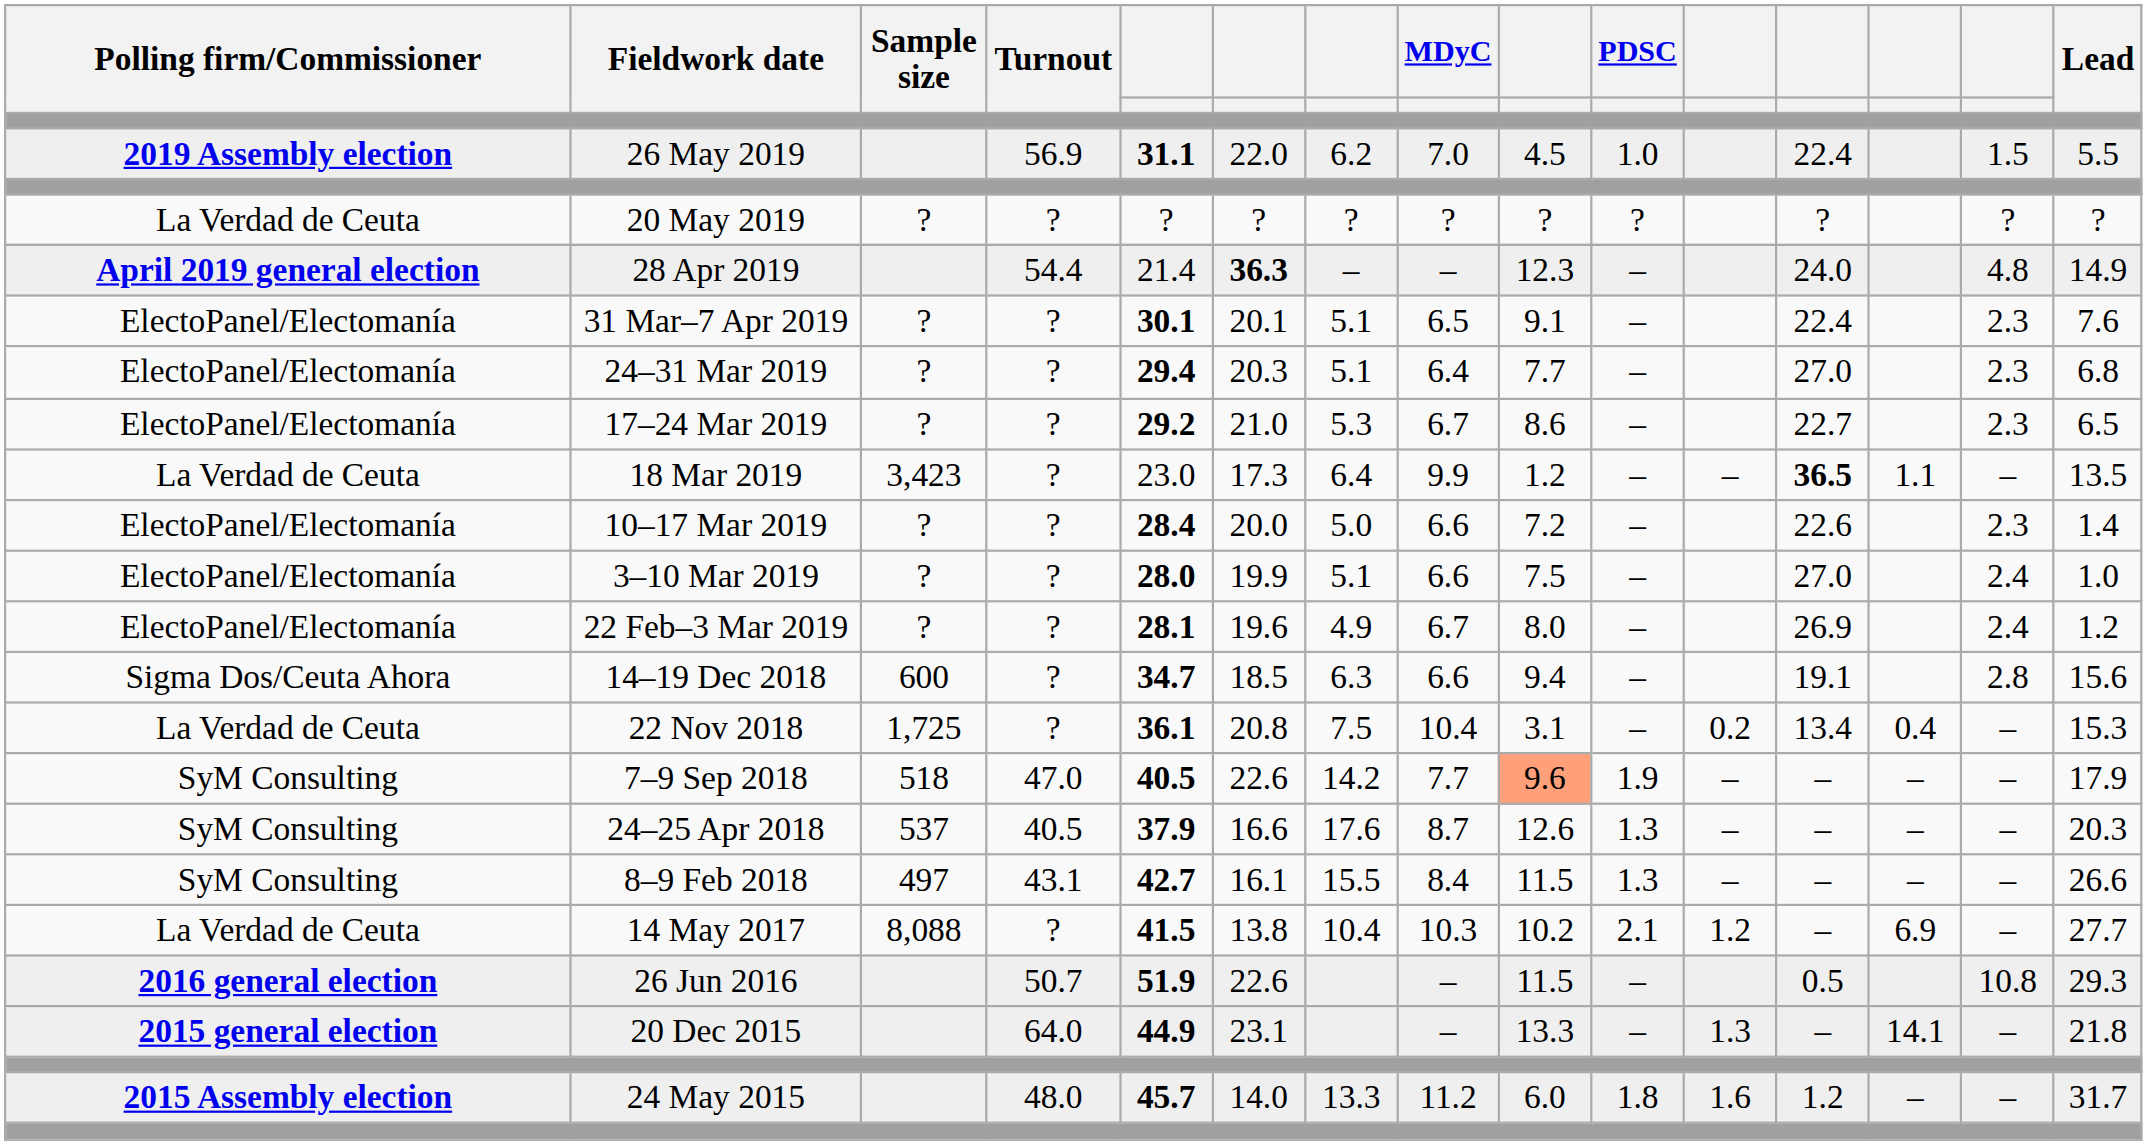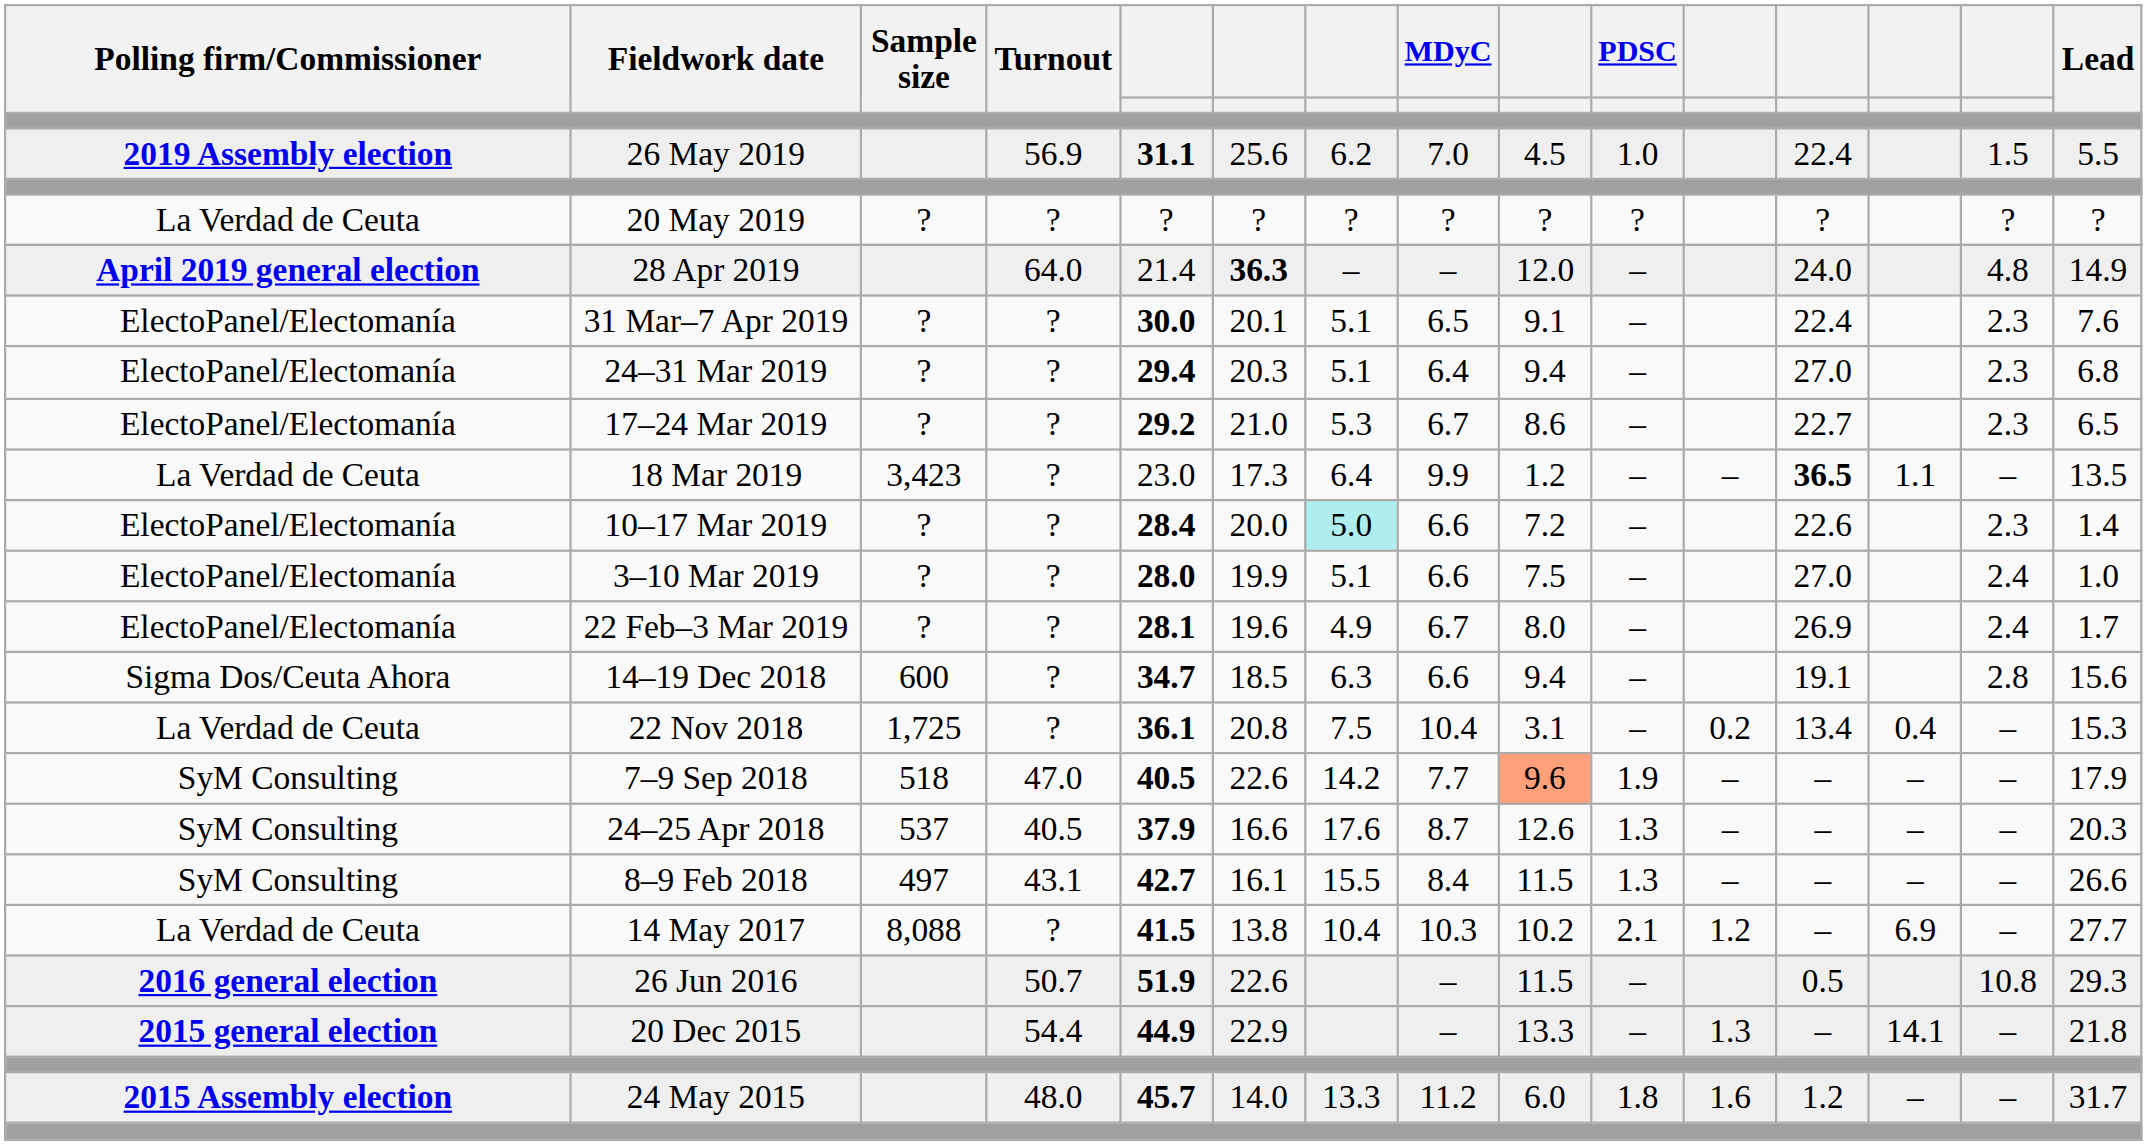 <table class="wikitable collapsible collapsed" style="text-align:center; font-size:95%; line-height:16px;">
 <tr style="height:42px;">
 <th style="width:250px;" rowspan="2">Polling firm/Commissioner</th>
 <th style="width:125px;" rowspan="2">Fieldwork date</th>
 <th style="width:50px;" rowspan="2">Sample size</th>
 <th style="width:45px;" rowspan="2">Turnout</th>
 <th style="width:35px;"></th>
 <th style="width:35px;"></th>
 <th style="width:35px;"></th>
 <th style="width:35px; font-size:90%;"><a href='#'>MDyC</a></th>
 <th style="width:35px;"></th>
 <th style="width:35px; font-size:90%;"><a href='#'>PDSC</a></th>
 <th style="width:35px;"></th>
 <th style="width:35px;"></th>
 <th style="width:35px;"></th>
 <th style="width:35px;"></th>
 <th style="width:30px;" rowspan="2">Lead</th>
 </tr>
 <tr>
 <th style="color:inherit;background:"></th>
 <th style="color:inherit;background:"></th>
 <th style="color:inherit;background:"></th>
 <th style="color:inherit;background:"></th>
 <th style="color:inherit;background:"></th>
 <th style="color:inherit;background:"></th>
 <th style="color:inherit;background:"></th>
 <th style="color:inherit;background:"></th>
 <th style="color:inherit;background:"></th>
 <th style="color:inherit;background:"></th>
 </tr>
 <tr>
 <td colspan="15" style="background:#A0A0A0"></td>
 </tr>
 <tr style="background:#EFEFEF;">
 <td><strong><a href='#'>2019 Assembly election</a></strong></td>
 <td>26 May 2019</td>
 <td></td>
 <td>56.9</td>
 <td><strong>31.1</strong><br></td>
-<td>22.0<br></td>
+<td>25.6<br></td>
 <td>6.2<br></td>
 <td>7.0<br></td>
 <td>4.5<br></td>
 <td>1.0<br></td>
 <td></td>
 <td>22.4<br></td>
 <td></td>
 <td>1.5<br></td>
 <td style="background:">5.5</td>
 </tr>
 <tr>
 <td colspan="15" style="background:#A0A0A0"></td>
 </tr>
 <tr>
 <td>La Verdad de Ceuta</td>
 <td>20 May 2019</td>
 <td>?</td>
 <td>?</td>
 <td>?<br></td>
 <td>?<br></td>
 <td>?<br></td>
 <td>?<br></td>
 <td>?<br></td>
 <td>?<br></td>
 <td></td>
 <td>?<br></td>
 <td></td>
 <td>?<br></td>
 <td style="background:">?</td>
 </tr>
 <tr>
 </tr>
 <tr style="background:#EFEFEF;">
 <td><strong><a href='#'>April 2019 general election</a></strong></td>
 <td>28 Apr 2019</td>
 <td></td>
-<td>54.4</td>
+<td>64.0</td>
 <td>21.4<br></td>
 <td><strong>36.3</strong><br></td>
 <td>–</td>
 <td>–</td>
-<td>12.3<br></td>
+<td>12.0<br></td>
 <td>–</td>
 <td></td>
 <td>24.0<br></td>
 <td></td>
 <td>4.8<br></td>
 <td style="background:">14.9</td>
 </tr>
 <tr>
 <td>ElectoPanel/Electomanía</td>
 <td>31 Mar–7 Apr 2019</td>
 <td>?</td>
 <td>?</td>
-<td><strong>30.1</strong><br></td>
+<td><strong>30.0</strong><br></td>
 <td>20.1<br></td>
 <td>5.1<br></td>
 <td>6.5<br></td>
 <td>9.1<br></td>
 <td>–</td>
 <td></td>
 <td>22.4<br></td>
 <td></td>
 <td>2.3<br></td>
 <td style="background:">7.6</td>
 </tr>
 <tr>
 <td>ElectoPanel/Electomanía</td>
 <td>24–31 Mar 2019</td>
 <td>?</td>
 <td>?</td>
 <td><strong>29.4</strong><br></td>
 <td>20.3<br></td>
 <td>5.1<br></td>
 <td>6.4<br></td>
-<td>7.7<br></td>
+<td>9.4<br></td>
 <td>–</td>
 <td></td>
 <td>27.0<br></td>
 <td></td>
 <td>2.3<br></td>
 <td style="background:">6.8</td>
 </tr>
 <tr>
 <td>ElectoPanel/Electomanía</td>
 <td>17–24 Mar 2019</td>
 <td>?</td>
 <td>?</td>
 <td><strong>29.2</strong><br></td>
 <td>21.0<br></td>
 <td>5.3<br></td>
 <td>6.7<br></td>
 <td>8.6<br></td>
 <td>–</td>
 <td></td>
 <td>22.7<br></td>
 <td></td>
 <td>2.3<br></td>
 <td style="background:">6.5</td>
 </tr>
 <tr>
 <td>La Verdad de Ceuta</td>
 <td>18 Mar 2019</td>
 <td>3,423</td>
 <td>?</td>
 <td>23.0<br></td>
 <td>17.3<br></td>
 <td>6.4<br></td>
 <td>9.9<br></td>
 <td>1.2<br></td>
 <td>–</td>
 <td>–</td>
 <td><strong>36.5</strong><br></td>
 <td>1.1<br></td>
 <td>–</td>
 <td style="background:">13.5</td>
 </tr>
 <tr>
 <td>ElectoPanel/Electomanía</td>
 <td>10–17 Mar 2019</td>
 <td>?</td>
 <td>?</td>
 <td><strong>28.4</strong><br></td>
 <td>20.0<br></td>
-<td>5.0<br></td>
+<td style="background: paleturquoise;">5.0<br></td>
 <td>6.6<br></td>
 <td>7.2<br></td>
 <td>–</td>
 <td></td>
 <td>22.6<br></td>
 <td></td>
 <td>2.3<br></td>
 <td style="background:">1.4</td>
 </tr>
 <tr>
 <td>ElectoPanel/Electomanía</td>
 <td>3–10 Mar 2019</td>
 <td>?</td>
 <td>?</td>
 <td><strong>28.0</strong><br></td>
 <td>19.9<br></td>
 <td>5.1<br></td>
 <td>6.6<br></td>
 <td>7.5<br></td>
 <td>–</td>
 <td></td>
 <td>27.0<br></td>
 <td></td>
 <td>2.4<br></td>
 <td style="background:">1.0</td>
 </tr>
 <tr>
 <td>ElectoPanel/Electomanía</td>
 <td>22 Feb–3 Mar 2019</td>
 <td>?</td>
 <td>?</td>
 <td><strong>28.1</strong><br></td>
 <td>19.6<br></td>
 <td>4.9<br></td>
 <td>6.7<br></td>
 <td>8.0<br></td>
 <td>–</td>
 <td></td>
 <td>26.9<br></td>
 <td></td>
 <td>2.4<br></td>
-<td style="background:">1.2</td>
+<td style="background:">1.7</td>
 </tr>
 <tr>
 <td>Sigma Dos/Ceuta Ahora</td>
 <td>14–19 Dec 2018</td>
 <td>600</td>
 <td>?</td>
 <td><strong>34.7</strong><br></td>
 <td>18.5<br></td>
 <td>6.3<br></td>
 <td>6.6<br></td>
 <td>9.4<br></td>
 <td>–</td>
 <td></td>
 <td>19.1<br></td>
 <td></td>
 <td>2.8<br></td>
 <td style="background:">15.6</td>
 </tr>
 <tr>
 <td>La Verdad de Ceuta</td>
 <td>22 Nov 2018</td>
 <td>1,725</td>
 <td>?</td>
 <td><strong>36.1</strong><br></td>
 <td>20.8<br></td>
 <td>7.5<br></td>
 <td>10.4<br></td>
 <td>3.1<br></td>
 <td>–</td>
 <td>0.2<br></td>
 <td>13.4<br></td>
 <td>0.4<br></td>
 <td>–</td>
 <td style="background:">15.3</td>
 </tr>
 <tr>
 <td>SyM Consulting</td>
 <td>7–9 Sep 2018</td>
 <td>518</td>
 <td>47.0</td>
 <td><strong>40.5</strong><br></td>
 <td>22.6<br></td>
 <td>14.2<br></td>
 <td>7.7<br></td>
 <td style="background: lightsalmon;">9.6<br></td>
 <td>1.9<br></td>
 <td>–</td>
 <td>–</td>
 <td>–</td>
 <td>–</td>
 <td style="background:">17.9</td>
 </tr>
 <tr>
 <td>SyM Consulting</td>
 <td>24–25 Apr 2018</td>
 <td>537</td>
 <td>40.5</td>
 <td><strong>37.9</strong><br></td>
 <td>16.6<br></td>
 <td>17.6<br></td>
 <td>8.7<br></td>
 <td>12.6<br></td>
 <td>1.3<br></td>
 <td>–</td>
 <td>–</td>
 <td>–</td>
 <td>–</td>
 <td style="background:">20.3</td>
 </tr>
 <tr>
 <td>SyM Consulting</td>
 <td>8–9 Feb 2018</td>
 <td>497</td>
 <td>43.1</td>
 <td><strong>42.7</strong><br></td>
 <td>16.1<br></td>
 <td>15.5<br></td>
 <td>8.4<br></td>
 <td>11.5<br></td>
 <td>1.3<br></td>
 <td>–</td>
 <td>–</td>
 <td>–</td>
 <td>–</td>
 <td style="background:">26.6</td>
 </tr>
 <tr>
 <td>La Verdad de Ceuta</td>
 <td>14 May 2017</td>
 <td>8,088</td>
 <td>?</td>
 <td><strong>41.5</strong><br></td>
 <td>13.8<br></td>
 <td>10.4<br></td>
 <td>10.3<br></td>
 <td>10.2<br></td>
 <td>2.1<br></td>
 <td>1.2<br></td>
 <td>–</td>
 <td>6.9<br></td>
 <td>–</td>
 <td style="background:">27.7</td>
 </tr>
 <tr style="background:#EFEFEF;">
 <td><strong><a href='#'>2016 general election</a></strong></td>
 <td>26 Jun 2016</td>
 <td></td>
 <td>50.7</td>
 <td><strong>51.9</strong><br></td>
 <td>22.6<br></td>
 <td></td>
 <td>–</td>
 <td>11.5<br></td>
 <td>–</td>
 <td></td>
 <td>0.5<br></td>
 <td></td>
 <td>10.8<br></td>
 <td style="background:">29.3</td>
 </tr>
 <tr style="background:#EFEFEF;">
 <td><strong><a href='#'>2015 general election</a></strong></td>
 <td>20 Dec 2015</td>
 <td></td>
-<td>64.0</td>
+<td>54.4</td>
 <td><strong>44.9</strong><br></td>
-<td>23.1<br></td>
+<td>22.9<br></td>
 <td></td>
 <td>–</td>
 <td>13.3<br></td>
 <td>–</td>
 <td>1.3<br></td>
 <td>–</td>
 <td>14.1<br></td>
 <td>–</td>
 <td style="background:">21.8</td>
 </tr>
 <tr>
 <td colspan="15" style="background:#A0A0A0"></td>
 </tr>
 <tr style="background:#EFEFEF;">
 <td><strong><a href='#'>2015 Assembly election</a></strong></td>
 <td>24 May 2015</td>
 <td></td>
 <td>48.0</td>
 <td><strong>45.7</strong><br></td>
 <td>14.0<br></td>
 <td>13.3<br></td>
 <td>11.2<br></td>
 <td>6.0<br></td>
 <td>1.8<br></td>
 <td>1.6<br></td>
 <td>1.2<br></td>
 <td>–</td>
 <td>–</td>
 <td style="background:">31.7</td>
 </tr>
 <tr>
 <td colspan="15" style="background:#A0A0A0"></td>
 </tr>
 </table>
